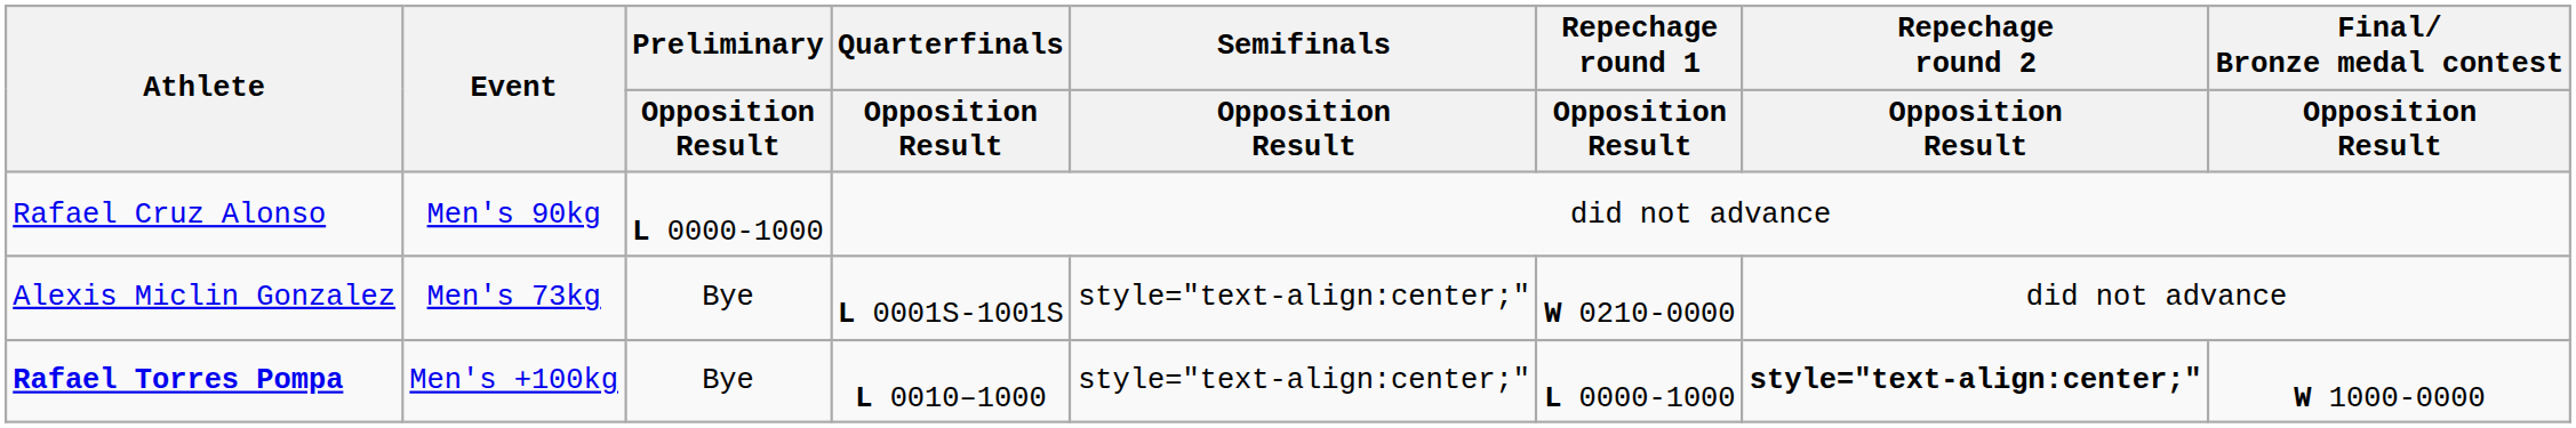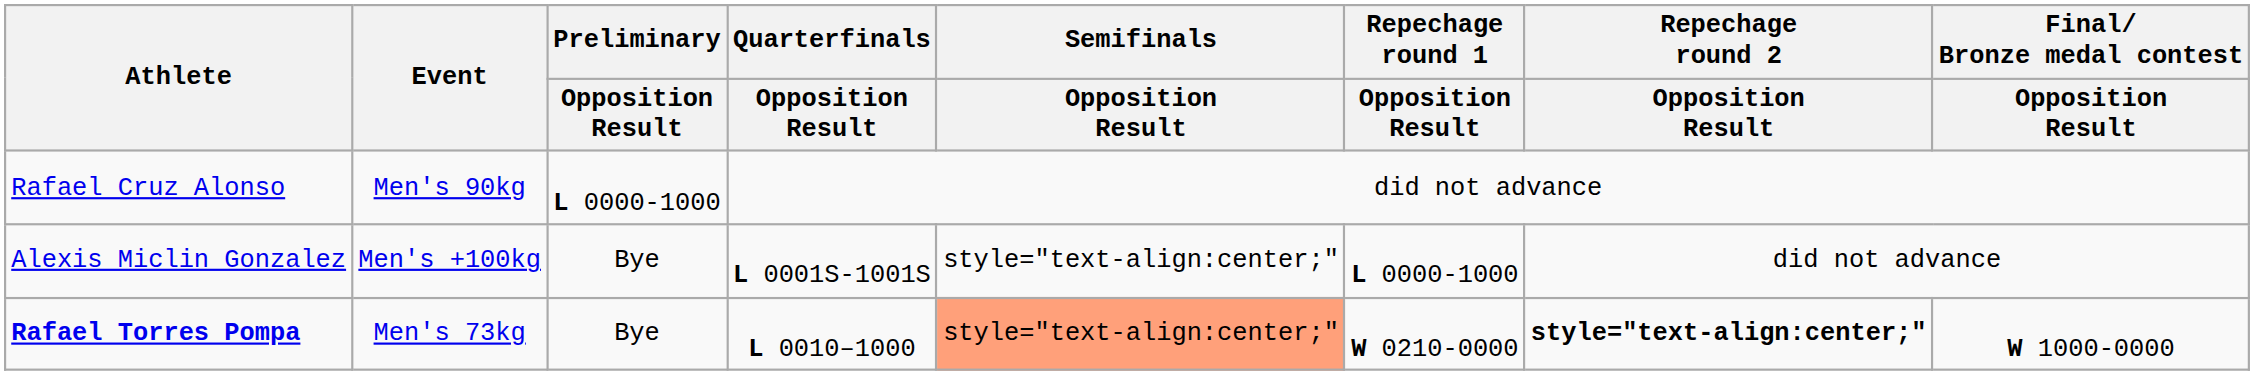 <table class=wikitable style="font-size:90%">
 <tr>
 <th rowspan="2">Athlete</th>
 <th rowspan="2">Event</th>
 <th>Preliminary</th>
 <th>Quarterfinals</th>
 <th>Semifinals</th>
 <th>Repechage <br>round 1</th>
 <th>Repechage <br>round 2</th>
 <th>Final/<br>Bronze medal contest</th>
 </tr>
 <tr>
 <th>Opposition<br>Result</th>
 <th>Opposition<br>Result</th>
 <th>Opposition<br>Result</th>
 <th>Opposition<br>Result</th>
 <th>Opposition<br>Result</th>
 <th>Opposition<br>Result</th>
 </tr>
 <tr>
 <td><a href='#'>Rafael Cruz Alonso</a></td>
 <td style="text-align:center;"><a href='#'>Men's 90kg</a></td>
 <td style="text-align:center;"><br> <strong>L</strong> 0000-1000</td>
 <td style="text-align:center;" colspan="5">did not advance</td>
 </tr>
 <tr>
 <td><a href='#'>Alexis Miclin Gonzalez</a></td>
-<td style="text-align:center;"><a href='#'>Men's 73kg</a></td>
+<td style="text-align:center;"><a href='#'>Men's +100kg</a></td>
 <td style="text-align:center;">Bye</td>
 <td style="text-align:center;"><br> <strong>L</strong> 0001S-1001S</td>
 <td>style="text-align:center;" </td>
-<td style="text-align:center;"><br> <strong>W</strong> 0210-0000</td>
+<td style="text-align:center;"><br> <strong>L</strong> 0000-1000</td>
 <td style="text-align:center;" colspan="2">did not advance</td>
 </tr>
 <tr>
 <td><strong><a href='#'>Rafael Torres Pompa</a></strong></td>
-<td style="text-align:center;"><a href='#'>Men's +100kg</a></td>
+<td style="text-align:center;"><a href='#'>Men's 73kg</a></td>
 <td style="text-align:center;">Bye</td>
 <td style="text-align:center;"><br> <strong>L</strong> 0010–1000</td>
-<td>style="text-align:center;" </td>
-<td style="text-align:center;"><br> <strong>L</strong> 0000-1000</td>
+<td style="background: lightsalmon;">style="text-align:center;" </td>
+<td style="text-align:center;"><br> <strong>W</strong> 0210-0000</td>
 <td><strong>style="text-align:center;" </strong></td>
 <td style="text-align:center;"><br> <strong>W</strong> 1000-0000 </td>
 </tr>
 </table>
